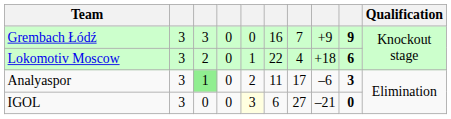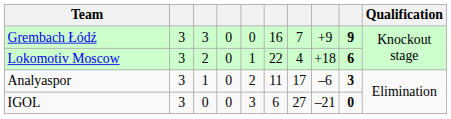 <table class="wikitable" style="text-align: center;">
 <tr>
 <th width="185">Team</th>
 <th width="20"></th>
 <th width="20"></th>
 <th width="20"></th>
 <th width="20"></th>
 <th width="20"></th>
 <th width="20"></th>
 <th width="20"></th>
 <th width="20"></th>
 <th width="20">Qualification</th>
 </tr>
 <tr bgcolor=#ccffcc>
 <td align=left> <a href='#'>Grembach Łódź</a></td>
 <td>3</td>
 <td>3</td>
 <td>0</td>
 <td>0</td>
 <td>16</td>
 <td>7</td>
 <td>+9</td>
 <td><strong>9</strong></td>
 <td rowspan=2>Knockout stage</td>
 </tr>
 <tr bgcolor=#ccffcc>
 <td align=left> <a href='#'>Lokomotiv Moscow</a></td>
 <td>3</td>
 <td>2</td>
 <td>0</td>
 <td>1</td>
 <td>22</td>
 <td>4</td>
 <td>+18</td>
 <td><strong>6</strong></td>
 </tr>
 <tr>
 <td align=left> Analyaspor</td>
 <td>3</td>
-<td style="background: lightgreen;">1</td>
+<td>1</td>
 <td>0</td>
 <td>2</td>
 <td>11</td>
 <td>17</td>
 <td>–6</td>
 <td><strong>3</strong></td>
 <td rowspan=2>Elimination</td>
 </tr>
 <tr>
 <td align=left> IGOL</td>
 <td>3</td>
 <td>0</td>
 <td>0</td>
-<td style="background: lightyellow;">3</td>
+<td>3</td>
 <td>6</td>
 <td>27</td>
 <td>–21</td>
 <td><strong>0</strong></td>
 </tr>
 </table>
